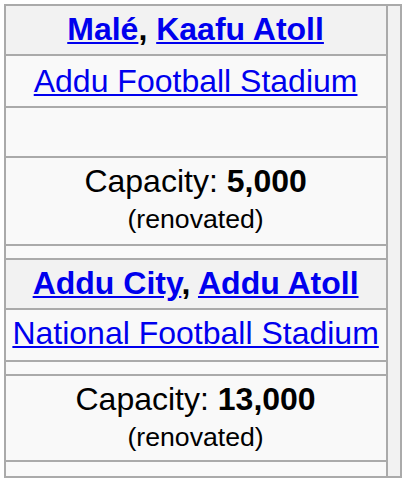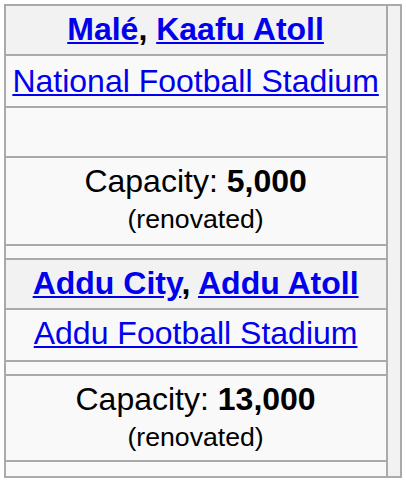 <table class="wikitable" style="text-align:center">
 <tr>
 <th><a href='#'>Malé</a>, <a href='#'>Kaafu Atoll</a></th>
 <th colspan="2" rowspan="15"></th>
 </tr>
 <tr>
-<td><a href='#'>Addu Football Stadium</a></td>
+<td><a href='#'>National Football Stadium</a></td>
 </tr>
 <tr>
 <td><br><small></small></td>
 </tr>
 <tr>
 <td>Capacity: <strong>5,000</strong><br><small>(renovated)</small></td>
 </tr>
 <tr>
 <td></td>
 </tr>
 <tr>
 <th><a href='#'>Addu City</a>, <a href='#'>Addu Atoll</a></th>
 </tr>
 <tr>
-<td><a href='#'>National Football Stadium</a></td>
+<td><a href='#'>Addu Football Stadium</a></td>
 </tr>
 <tr>
 <td><small></small></td>
 </tr>
 <tr>
 <td>Capacity: <strong>13,000</strong><br><small>(renovated)</small></td>
 </tr>
 <tr>
 <td></td>
 </tr>
 </table>
